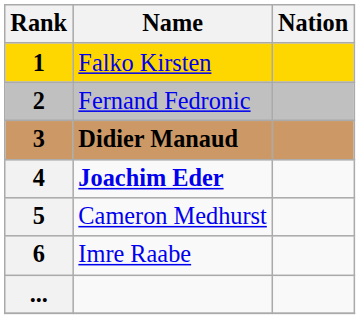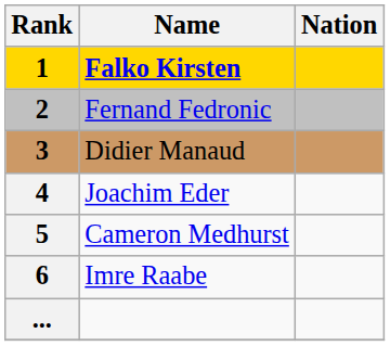 <table class="wikitable">
 <tr>
 <th>Rank</th>
 <th>Name</th>
 <th>Nation</th>
 </tr>
 <tr bgcolor="gold">
 <td align="center"><strong>1</strong></td>
-<td><a href='#'>Falko Kirsten</a></td>
+<td><strong><a href='#'>Falko Kirsten</a></strong></td>
 <td></td>
 </tr>
 <tr bgcolor="silver">
 <td align="center"><strong>2</strong></td>
 <td><a href='#'>Fernand Fedronic</a></td>
 <td></td>
 </tr>
 <tr bgcolor="cc9966">
 <td align="center"><strong>3</strong></td>
-<td><strong>Didier Manaud</strong></td>
+<td>Didier Manaud</td>
 <td></td>
 </tr>
 <tr>
 <th>4</th>
-<td><strong><a href='#'>Joachim Eder</a></strong></td>
+<td><a href='#'>Joachim Eder</a></td>
 <td></td>
 </tr>
 <tr>
 <th>5</th>
 <td><a href='#'>Cameron Medhurst</a></td>
 <td></td>
 </tr>
 <tr>
 <th>6</th>
 <td><a href='#'>Imre Raabe</a></td>
 <td></td>
 </tr>
 <tr>
 <th>...</th>
 <td></td>
 <td></td>
 </tr>
 <tr>
 </tr>
 </table>
